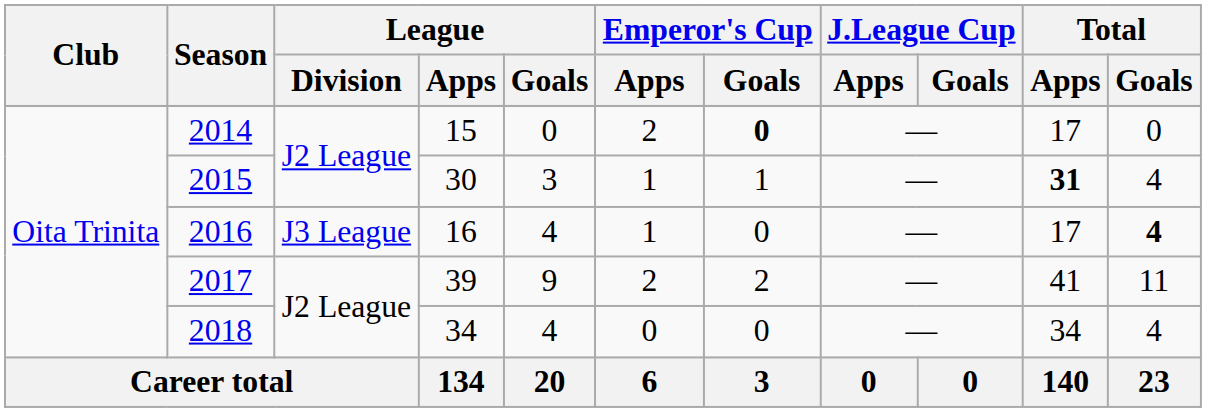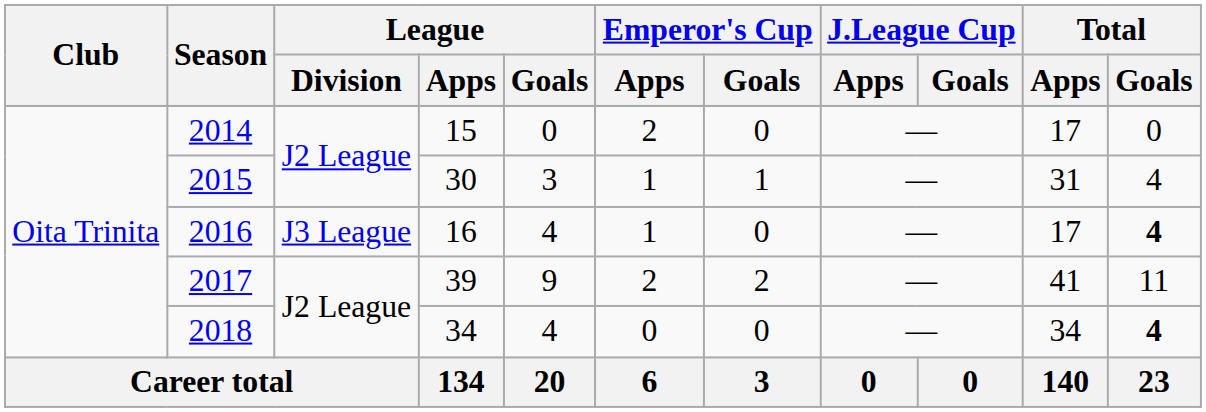 <table class="wikitable" style="text-align:center">
 <tr>
 <th rowspan="2">Club</th>
 <th rowspan="2">Season</th>
 <th colspan="3">League</th>
 <th colspan="2"><a href='#'>Emperor's Cup</a></th>
 <th colspan="2"><a href='#'>J.League Cup</a></th>
 <th colspan=2>Total</th>
 </tr>
 <tr>
 <th>Division</th>
 <th>Apps</th>
 <th>Goals</th>
 <th>Apps</th>
 <th>Goals</th>
 <th>Apps</th>
 <th>Goals</th>
 <th>Apps</th>
 <th>Goals</th>
 </tr>
 <tr>
 </tr>
 <tr>
 <td rowspan="5"><a href='#'>Oita Trinita</a></td>
 <td><a href='#'>2014</a></td>
 <td rowspan="2"><a href='#'>J2 League</a></td>
 <td>15</td>
 <td>0</td>
 <td>2</td>
-<td><strong>0</strong></td>
+<td>0</td>
 <td colspan="2">—</td>
 <td>17</td>
 <td>0</td>
 </tr>
 <tr>
 <td><a href='#'>2015</a></td>
 <td>30</td>
 <td>3</td>
 <td>1</td>
 <td>1</td>
 <td colspan="2">—</td>
-<td><strong>31</strong></td>
+<td>31</td>
 <td>4</td>
 </tr>
 <tr>
 <td><a href='#'>2016</a></td>
 <td><a href='#'>J3 League</a></td>
 <td>16</td>
 <td>4</td>
 <td>1</td>
 <td>0</td>
 <td colspan="2">—</td>
 <td>17</td>
 <td><strong>4</strong></td>
 </tr>
 <tr>
 <td><a href='#'>2017</a></td>
 <td rowspan="2">J2 League</td>
 <td>39</td>
 <td>9</td>
 <td>2</td>
 <td>2</td>
 <td colspan="2">—</td>
 <td>41</td>
 <td>11</td>
 </tr>
 <tr>
 <td><a href='#'>2018</a></td>
 <td>34</td>
 <td>4</td>
 <td>0</td>
 <td>0</td>
 <td colspan="2">—</td>
 <td>34</td>
-<td>4</td>
+<td><strong>4</strong></td>
 </tr>
 <tr>
 <th colspan="3">Career total</th>
 <th>134</th>
 <th>20</th>
 <th>6</th>
 <th>3</th>
 <th>0</th>
 <th>0</th>
 <th>140</th>
 <th>23</th>
 </tr>
 </table>
